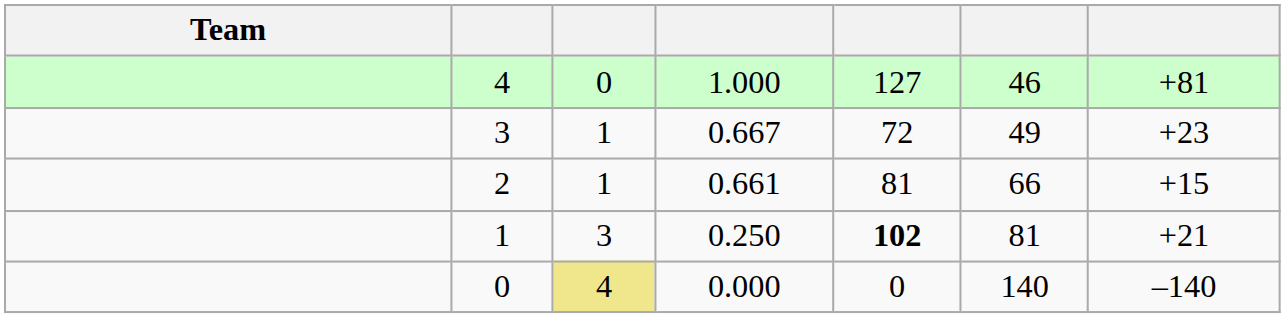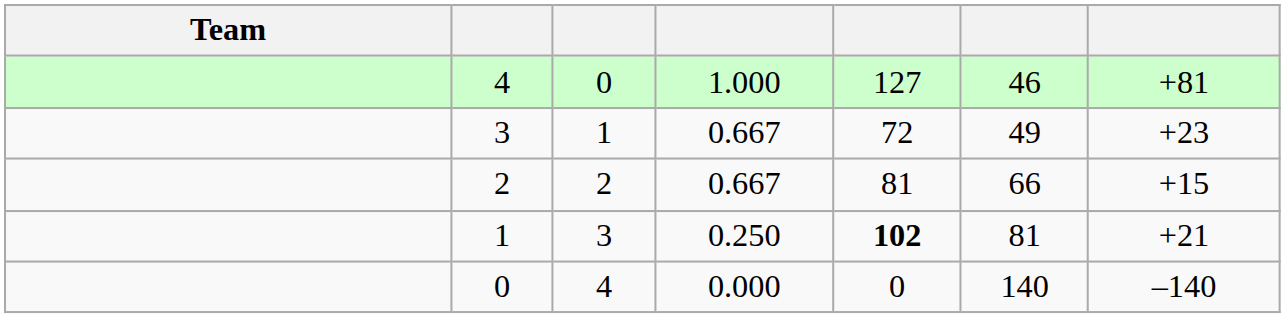 <table class="wikitable" style="text-align:center; width:50%">
 <tr>
 <th width="35%">Team</th>
 <th width="8%"></th>
 <th width="8%"></th>
 <th width="14%"></th>
 <th width="10%"></th>
 <th width="10%"></th>
 <th width="15%"></th>
 </tr>
 <tr style="background:#CCFFCC;">
 <td style="text-align:left;"></td>
 <td>4</td>
 <td>0</td>
 <td>1.000</td>
 <td>127</td>
 <td>46</td>
 <td>+81</td>
 </tr>
 <tr>
 <td style="text-align:left;"></td>
 <td>3</td>
 <td>1</td>
 <td>0.667</td>
 <td>72</td>
 <td>49</td>
 <td>+23</td>
 </tr>
 <tr>
 <td style="text-align:left;"></td>
 <td>2</td>
-<td>1</td>
-<td>0.661</td>
+<td>2</td>
+<td>0.667</td>
 <td>81</td>
 <td>66</td>
 <td>+15</td>
 </tr>
 <tr>
 <td style="text-align:left;"></td>
 <td>1</td>
 <td>3</td>
 <td>0.250</td>
 <td><strong>102</strong></td>
 <td>81</td>
 <td>+21</td>
 </tr>
 <tr>
 <td style="text-align:left;"></td>
 <td>0</td>
-<td style="background: khaki;">4</td>
+<td>4</td>
 <td>0.000</td>
 <td>0</td>
 <td>140</td>
 <td>–140</td>
 </tr>
 </table>
